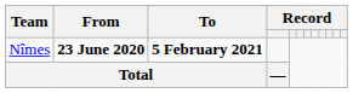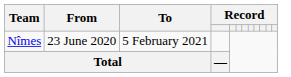 <table class=wikitable style="text-align: center">
 <tr>
 <th rowspan=2>Team</th>
 <th rowspan=2>From</th>
 <th rowspan=2>To</th>
 <th colspan=9>Record</th>
 </tr>
 <tr>
 <th></th>
 <th></th>
 <th></th>
 <th></th>
 <th></th>
 <th></th>
 <th></th>
 <th></th>
 <th></th>
 </tr>
 <tr>
 <td align=left><a href='#'>Nîmes</a></td>
-<td align=left><strong>23 June 2020</strong></td>
-<td align=left><strong>5 February 2021<br></strong></td>
+<td align=left>23 June 2020</td>
+<td align=left>5 February 2021<br></td>
 <td></td>
 </tr>
 <tr>
 <th colspan=3>Total<br></th>
 <th>—</th>
 </tr>
 </table>
